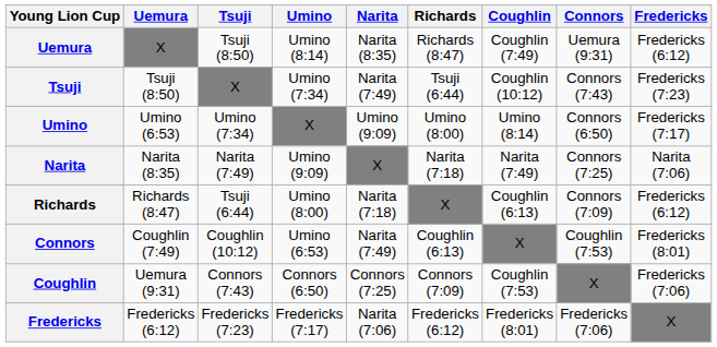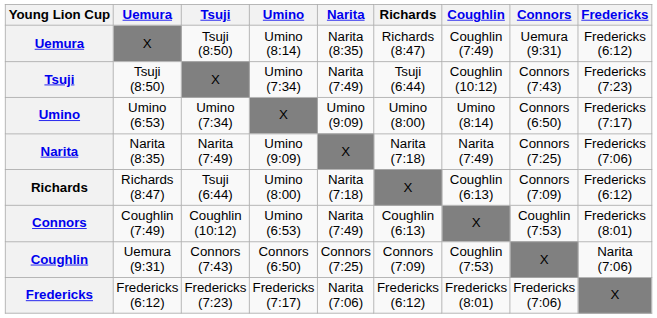 <table class="wikitable" style="margin: 1em auto 1em auto">
 <tr align="center">
 <th>Young Lion Cup</th>
 <th><a href='#'>Uemura</a></th>
 <th><a href='#'>Tsuji</a></th>
 <th><a href='#'>Umino</a></th>
 <th><a href='#'>Narita</a></th>
 <th>Richards</th>
 <th><a href='#'>Coughlin</a></th>
 <th><a href='#'>Connors</a></th>
 <th><a href='#'>Fredericks</a></th>
 </tr>
 <tr align="center">
 <th><a href='#'>Uemura</a></th>
 <td bgcolor=grey>X</td>
 <td>Tsuji<br>(8:50)</td>
 <td>Umino<br>(8:14)</td>
 <td>Narita<br>(8:35)</td>
 <td>Richards<br>(8:47)</td>
 <td>Coughlin<br>(7:49)</td>
 <td>Uemura<br>(9:31)</td>
 <td>Fredericks<br>(6:12)</td>
 </tr>
 <tr align="center">
 <th><a href='#'>Tsuji</a></th>
 <td>Tsuji<br>(8:50)</td>
 <td bgcolor=grey>X</td>
 <td>Umino<br>(7:34)</td>
 <td>Narita<br>(7:49)</td>
 <td>Tsuji<br>(6:44)</td>
 <td>Coughlin<br>(10:12)</td>
 <td>Connors<br>(7:43)</td>
 <td>Fredericks<br>(7:23)</td>
 </tr>
 <tr align="center">
 <th><a href='#'>Umino</a></th>
 <td>Umino<br>(6:53)</td>
 <td>Umino<br>(7:34)</td>
 <td bgcolor=grey>X</td>
 <td>Umino<br>(9:09)</td>
 <td>Umino<br>(8:00)</td>
 <td>Umino<br>(8:14)</td>
 <td>Connors<br>(6:50)</td>
 <td>Fredericks<br>(7:17)</td>
 </tr>
 <tr align="center">
 <th><a href='#'>Narita</a></th>
 <td>Narita<br>(8:35)</td>
 <td>Narita<br>(7:49)</td>
 <td>Umino<br>(9:09)</td>
 <td bgcolor=grey>X</td>
 <td>Narita<br>(7:18)</td>
 <td>Narita<br>(7:49)</td>
 <td>Connors<br>(7:25)</td>
-<td>Narita<br>(7:06)</td>
+<td>Fredericks<br>(7:06)</td>
 </tr>
 <tr align="center">
 <th>Richards</th>
 <td>Richards<br>(8:47)</td>
 <td>Tsuji<br>(6:44)</td>
 <td>Umino<br>(8:00)</td>
 <td>Narita<br>(7:18)</td>
 <td bgcolor=grey>X</td>
 <td>Coughlin<br>(6:13)</td>
 <td>Connors<br>(7:09)</td>
 <td>Fredericks<br>(6:12)</td>
 </tr>
 <tr align="center">
 <th><a href='#'>Connors</a></th>
 <td>Coughlin<br>(7:49)</td>
 <td>Coughlin<br>(10:12)</td>
 <td>Umino<br>(6:53)</td>
 <td>Narita<br>(7:49)</td>
 <td>Coughlin<br>(6:13)</td>
 <td bgcolor=grey>X</td>
 <td>Coughlin<br>(7:53)</td>
 <td>Fredericks<br>(8:01)</td>
 </tr>
 <tr align="center">
 <th><a href='#'>Coughlin</a></th>
 <td>Uemura<br>(9:31)</td>
 <td>Connors<br>(7:43)</td>
 <td>Connors<br>(6:50)</td>
 <td>Connors<br>(7:25)</td>
 <td>Connors<br>(7:09)</td>
 <td>Coughlin<br>(7:53)</td>
 <td bgcolor=grey>X</td>
-<td>Fredericks<br>(7:06)</td>
+<td>Narita<br>(7:06)</td>
 </tr>
 <tr align="center">
 <th><a href='#'>Fredericks</a></th>
 <td>Fredericks<br>(6:12)</td>
 <td>Fredericks<br>(7:23)</td>
 <td>Fredericks<br>(7:17)</td>
 <td>Narita<br>(7:06)</td>
 <td>Fredericks<br>(6:12)</td>
 <td>Fredericks<br>(8:01)</td>
 <td>Fredericks<br>(7:06)</td>
 <td bgcolor=grey>X</td>
 </tr>
 </table>
